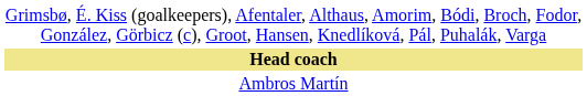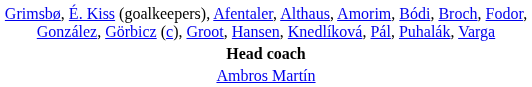 <table style="text-align: center; margin-top: 1em; margin-left: auto; margin-right: auto">
 <tr>
 <td><a href='#'>Grimsbø</a>, <a href='#'>É. Kiss</a> (goalkeepers), <a href='#'>Afentaler</a>, <a href='#'>Althaus</a>, <a href='#'>Amorim</a>, <a href='#'>Bódi</a>, <a href='#'>Broch</a>, <a href='#'>Fodor</a>,<br><a href='#'>González</a>, <a href='#'>Görbicz</a> (<a href='#'>c</a>), <a href='#'>Groot</a>, <a href='#'>Hansen</a>, <a href='#'>Knedlíková</a>, <a href='#'>Pál</a>, <a href='#'>Puhalák</a>, <a href='#'>Varga</a></td>
 </tr>
 <tr>
-<td style="background: khaki;"><strong>Head coach</strong></td>
+<td><strong>Head coach</strong></td>
 </tr>
 <tr>
 <td><a href='#'>Ambros Martín</a></td>
 </tr>
 </table>
